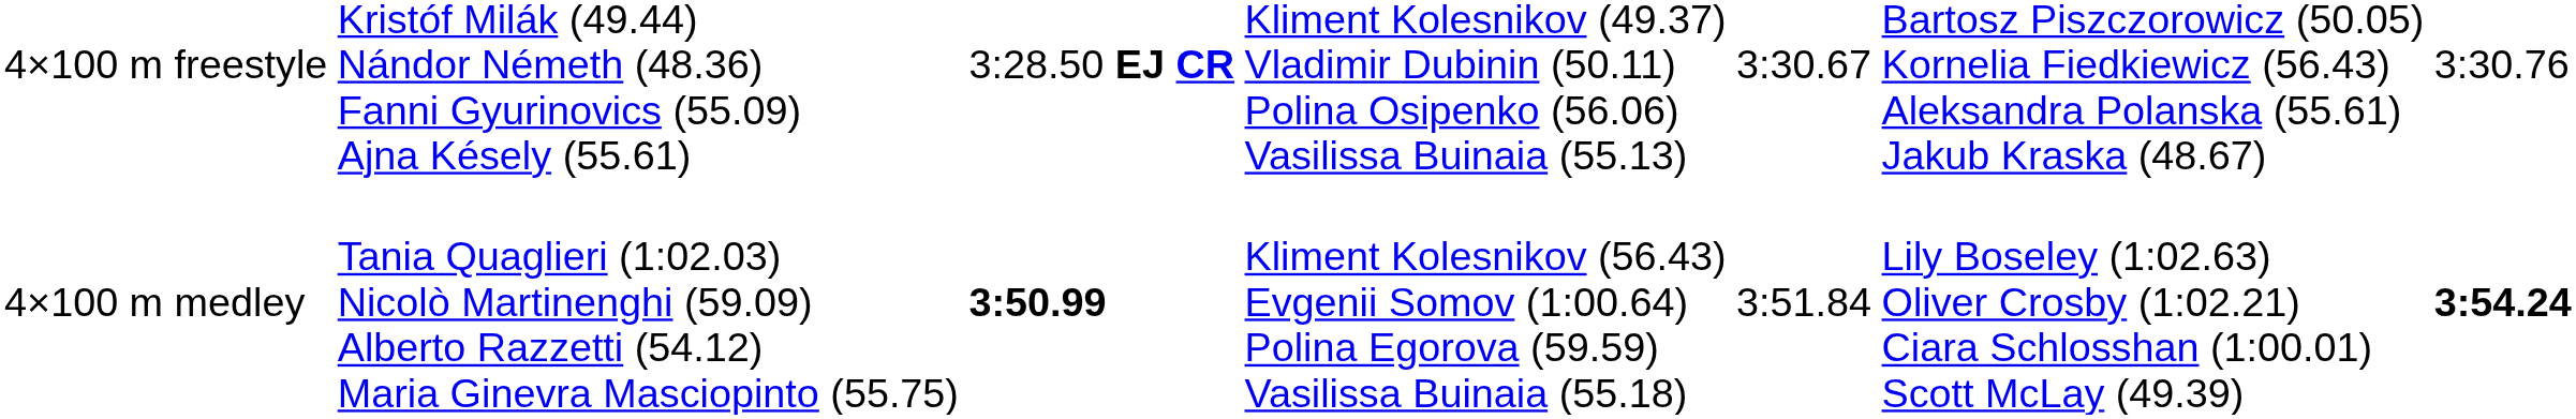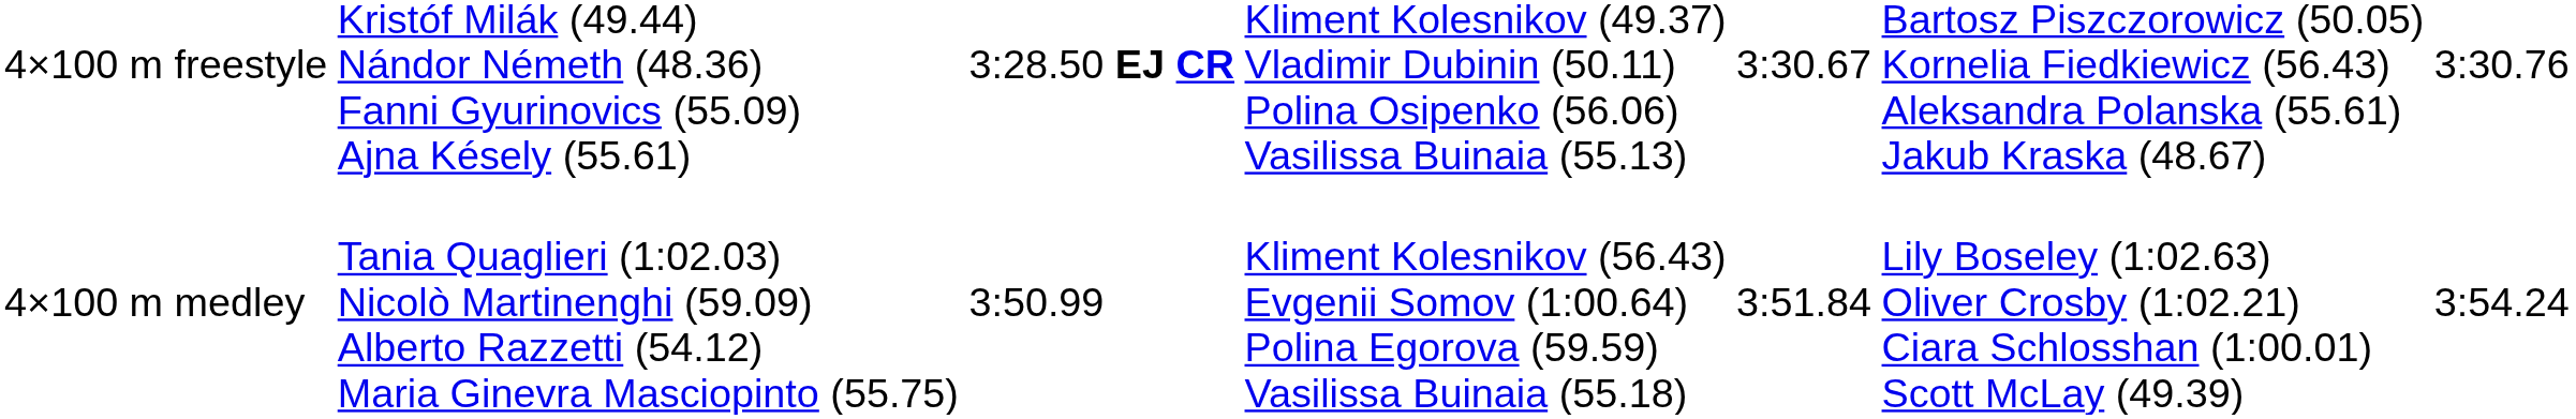 <table>
 <tr>
 <td>4×100 m freestyle</td>
 <td><br><a href='#'>Kristóf Milák</a> (49.44)<br><a href='#'>Nándor Németh</a> (48.36)<br><a href='#'>Fanni Gyurinovics</a> (55.09)<br><a href='#'>Ajna Késely</a> (55.61)</td>
 <td>3:28.50 <strong>EJ <a href='#'>CR</a></strong></td>
 <td><br><a href='#'>Kliment Kolesnikov</a> (49.37)<br><a href='#'>Vladimir Dubinin</a> (50.11)<br><a href='#'>Polina Osipenko</a> (56.06)<br><a href='#'>Vasilissa Buinaia</a> (55.13)</td>
 <td>3:30.67</td>
 <td><br><a href='#'>Bartosz Piszczorowicz</a> (50.05)<br><a href='#'>Kornelia Fiedkiewicz</a> (56.43)<br><a href='#'>Aleksandra Polanska</a> (55.61)<br><a href='#'>Jakub Kraska</a> (48.67)</td>
 <td>3:30.76</td>
 </tr>
 <tr>
 <td>4×100 m medley</td>
 <td><br><a href='#'>Tania Quaglieri</a> (1:02.03)<br><a href='#'>Nicolò Martinenghi</a> (59.09)<br><a href='#'>Alberto Razzetti</a> (54.12)<br><a href='#'>Maria Ginevra Masciopinto</a> (55.75)</td>
-<td><strong>3:50.99</strong></td>
+<td>3:50.99</td>
 <td><br><a href='#'>Kliment Kolesnikov</a> (56.43)<br><a href='#'>Evgenii Somov</a> (1:00.64)<br><a href='#'>Polina Egorova</a> (59.59)<br><a href='#'>Vasilissa Buinaia</a> (55.18)</td>
 <td>3:51.84</td>
 <td><br><a href='#'>Lily Boseley</a> (1:02.63)<br><a href='#'>Oliver Crosby</a> (1:02.21)<br><a href='#'>Ciara Schlosshan</a> (1:00.01)<br><a href='#'>Scott McLay</a> (49.39)</td>
-<td><strong>3:54.24</strong></td>
+<td>3:54.24</td>
 </tr>
 <tr>
 </tr>
 </table>
